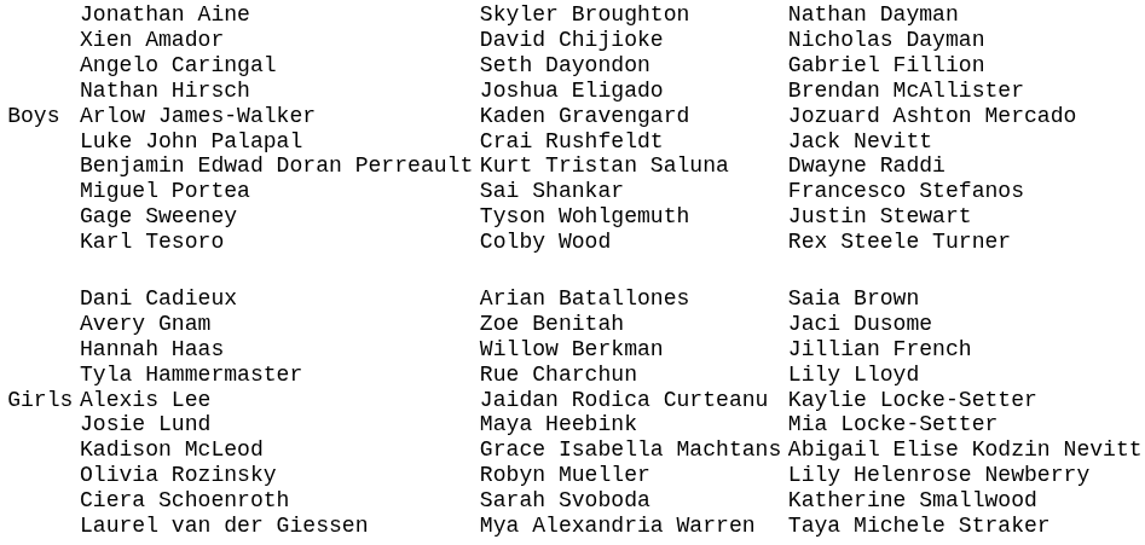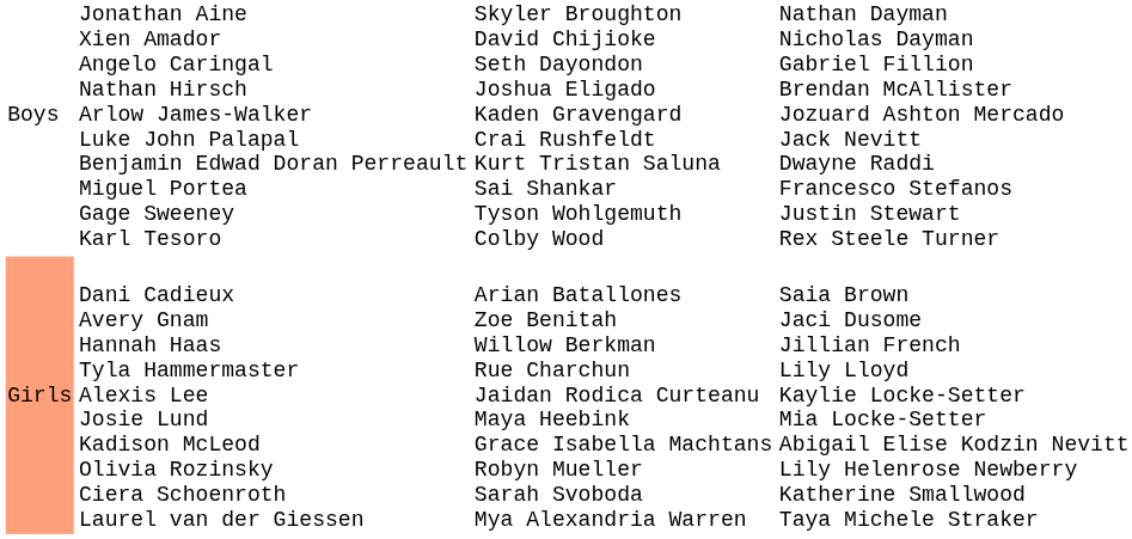 <table>
 <tr>
 <td>Boys</td>
 <td nowrap><br>Jonathan Aine<br>Xien Amador<br>Angelo Caringal<br>Nathan Hirsch<br>Arlow James-Walker<br>Luke John Palapal<br>Benjamin Edwad Doran Perreault<br>Miguel Portea<br>Gage Sweeney<br>Karl Tesoro</td>
 <td><br>Skyler Broughton<br>David Chijioke<br>Seth Dayondon<br>Joshua Eligado<br>Kaden Gravengard<br>Crai Rushfeldt<br>Kurt Tristan Saluna<br>Sai Shankar<br>Tyson Wohlgemuth<br>Colby Wood</td>
 <td><br>Nathan Dayman<br>Nicholas Dayman<br>Gabriel Fillion<br>Brendan McAllister<br>Jozuard Ashton Mercado<br>Jack Nevitt<br>Dwayne Raddi<br>Francesco Stefanos<br>Justin Stewart<br>Rex Steele Turner</td>
 </tr>
 <tr>
-<td>Girls</td>
+<td style="background: lightsalmon;">Girls</td>
 <td><br>Dani Cadieux<br>Avery Gnam<br>Hannah Haas<br>Tyla Hammermaster<br>Alexis Lee<br>Josie Lund<br>Kadison McLeod<br>Olivia Rozinsky<br>Ciera Schoenroth<br>Laurel van der Giessen</td>
 <td nowrap><br>Arian Batallones<br>Zoe Benitah<br>Willow Berkman<br>Rue Charchun<br>Jaidan Rodica Curteanu<br>Maya Heebink<br>Grace Isabella Machtans<br>Robyn Mueller<br>Sarah Svoboda<br>Mya Alexandria Warren</td>
 <td nowrap><br>Saia Brown<br>Jaci Dusome<br>Jillian French<br>Lily Lloyd<br>Kaylie Locke-Setter<br>Mia Locke-Setter<br>Abigail Elise Kodzin Nevitt<br>Lily Helenrose Newberry<br>Katherine Smallwood<br>Taya Michele Straker</td>
 </tr>
 </table>
